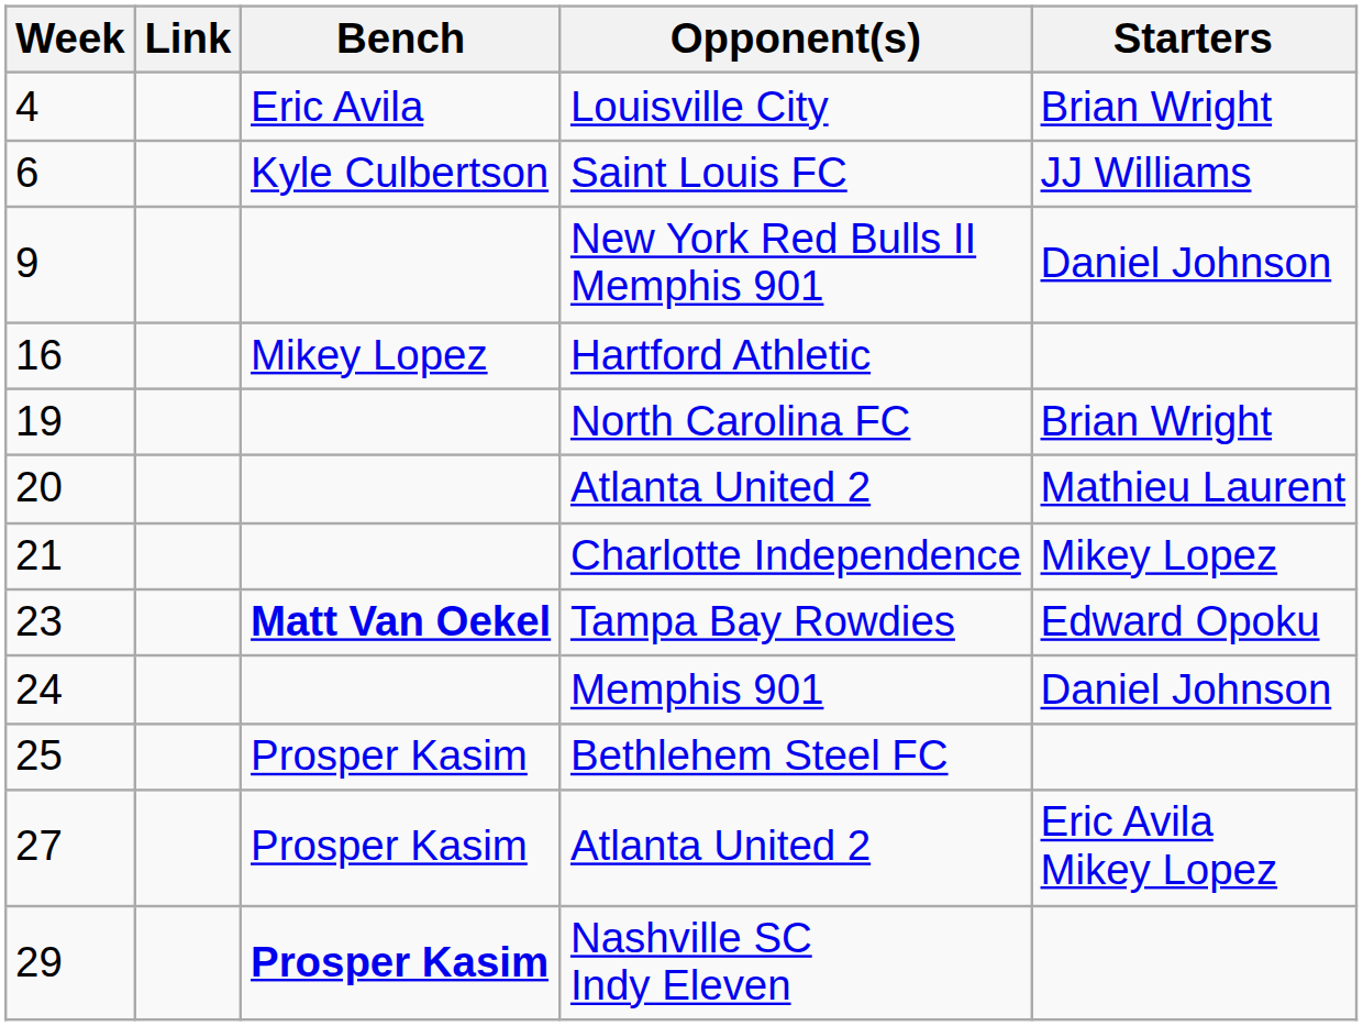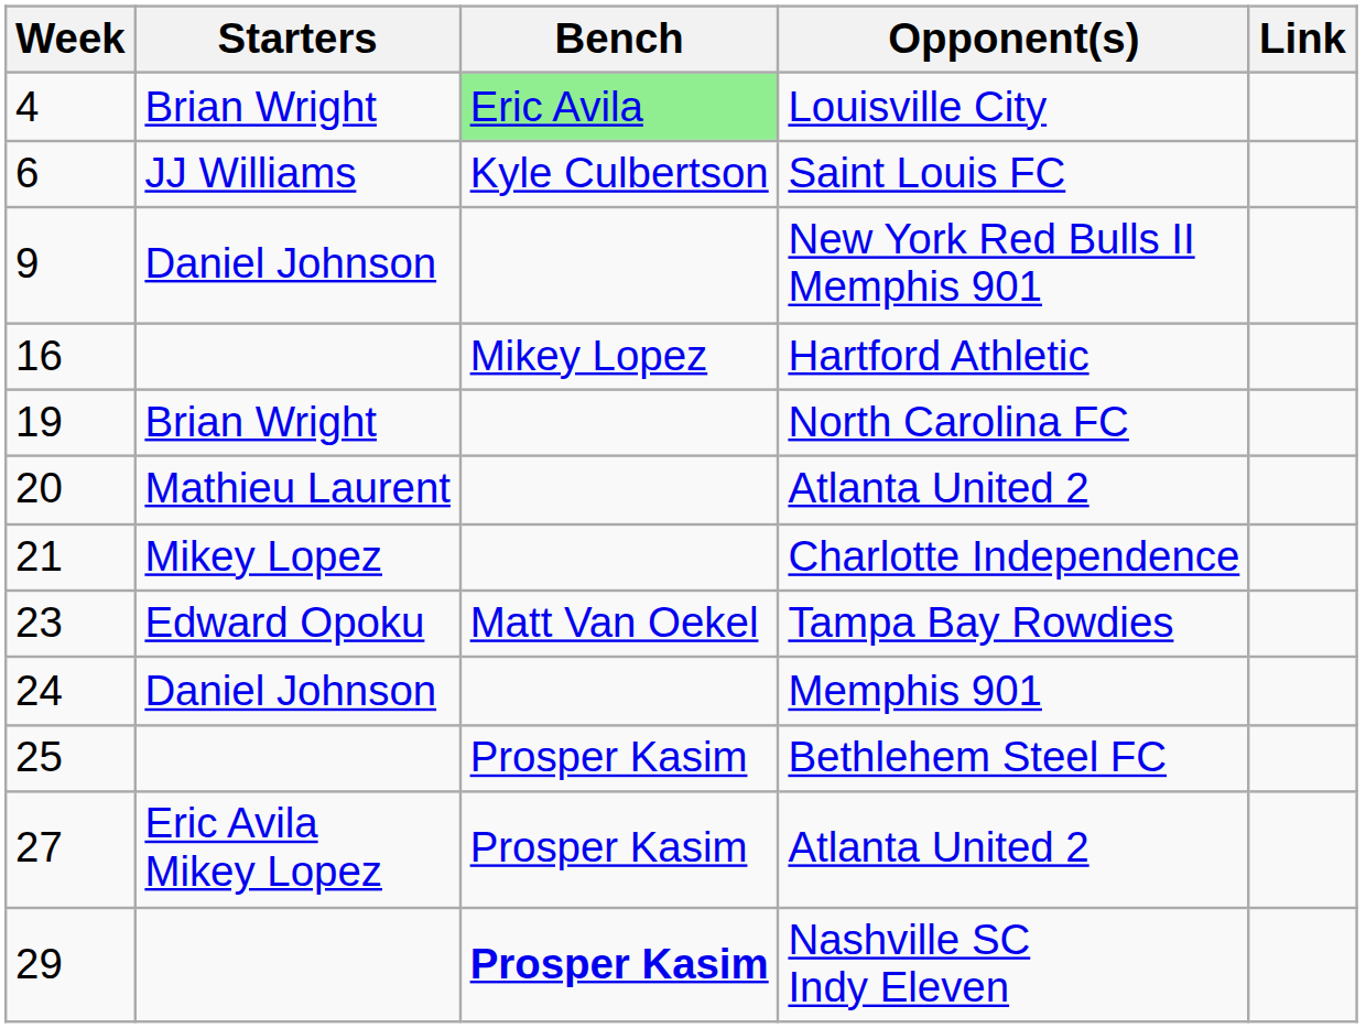 <table class=wikitable style="display:inline-table;">
 <tr>
 <th>Week</th>
-<th>Link</th>
+<th>Starters</th>
 <th>Bench</th>
 <th>Opponent(s)</th>
-<th>Starters</th>
+<th>Link</th>
 </tr>
 <tr>
 <td>4</td>
+<td> <a href='#'>Brian Wright</a></td>
+<td style="background: lightgreen;"> <a href='#'>Eric Avila</a></td>
+<td><a href='#'>Louisville City</a></td>
 <td></td>
-<td> <a href='#'>Eric Avila</a></td>
-<td><a href='#'>Louisville City</a></td>
-<td> <a href='#'>Brian Wright</a></td>
 </tr>
 <tr>
 <td>6</td>
-<td></td>
+<td> <a href='#'>JJ Williams</a></td>
 <td> <a href='#'>Kyle Culbertson</a></td>
 <td><a href='#'>Saint Louis FC</a></td>
-<td> <a href='#'>JJ Williams</a></td>
+<td></td>
 </tr>
 <tr>
 <td>9</td>
-<td></td>
+<td> <a href='#'>Daniel Johnson</a></td>
 <td></td>
 <td><a href='#'>New York Red Bulls II</a><br><a href='#'>Memphis 901</a></td>
-<td> <a href='#'>Daniel Johnson</a></td>
+<td></td>
 </tr>
 <tr>
 <td>16</td>
 <td></td>
 <td> <a href='#'>Mikey Lopez</a></td>
 <td><a href='#'>Hartford Athletic</a></td>
 <td></td>
 </tr>
 <tr>
 <td>19</td>
-<td></td>
+<td> <a href='#'>Brian Wright</a></td>
 <td></td>
 <td><a href='#'>North Carolina FC</a></td>
-<td> <a href='#'>Brian Wright</a></td>
+<td></td>
 </tr>
 <tr>
 <td>20</td>
-<td></td>
+<td> <a href='#'>Mathieu Laurent</a></td>
 <td></td>
 <td><a href='#'>Atlanta United 2</a></td>
-<td> <a href='#'>Mathieu Laurent</a></td>
+<td></td>
 </tr>
 <tr>
 <td>21</td>
-<td></td>
+<td> <a href='#'>Mikey Lopez</a></td>
 <td></td>
 <td><a href='#'>Charlotte Independence</a></td>
-<td> <a href='#'>Mikey Lopez</a></td>
+<td></td>
 </tr>
 <tr>
 <td>23</td>
+<td> <a href='#'>Edward Opoku</a></td>
+<td> <a href='#'>Matt Van Oekel</a></td>
+<td><a href='#'>Tampa Bay Rowdies</a></td>
 <td></td>
-<td><strong> <a href='#'>Matt Van Oekel</a></strong></td>
-<td><a href='#'>Tampa Bay Rowdies</a></td>
-<td> <a href='#'>Edward Opoku</a></td>
 </tr>
 <tr>
 <td>24</td>
-<td></td>
+<td> <a href='#'>Daniel Johnson</a></td>
 <td></td>
 <td><a href='#'>Memphis 901</a></td>
-<td> <a href='#'>Daniel Johnson</a></td>
+<td></td>
 </tr>
 <tr>
 <td>25</td>
 <td></td>
 <td> <a href='#'>Prosper Kasim</a></td>
 <td><a href='#'>Bethlehem Steel FC</a></td>
 <td></td>
 </tr>
 <tr>
 <td>27</td>
-<td></td>
+<td> <a href='#'>Eric Avila</a><br> <a href='#'>Mikey Lopez</a></td>
 <td> <a href='#'>Prosper Kasim</a></td>
 <td><a href='#'>Atlanta United 2</a></td>
-<td> <a href='#'>Eric Avila</a><br> <a href='#'>Mikey Lopez</a></td>
+<td></td>
 </tr>
 <tr>
 <td>29</td>
 <td></td>
 <td><strong> <a href='#'>Prosper Kasim</a></strong></td>
 <td><a href='#'>Nashville SC</a><br><a href='#'>Indy Eleven</a></td>
 <td></td>
 </tr>
 </table>
